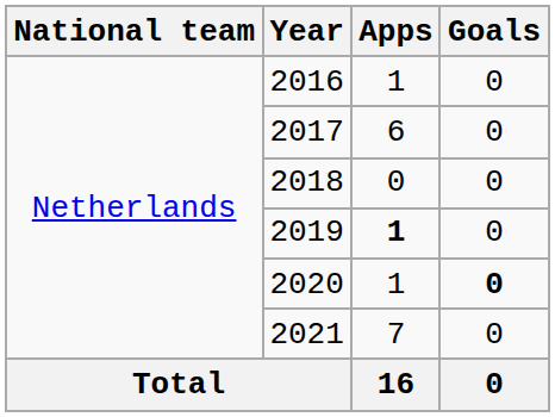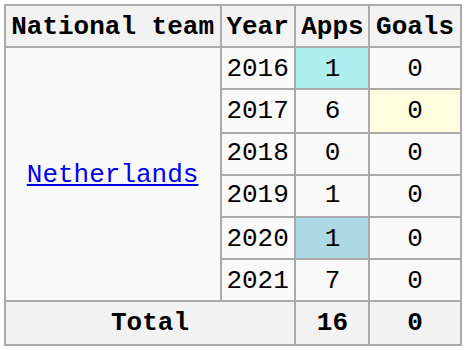 <table class="wikitable" style="text-align:center">
 <tr>
 <th>National team</th>
 <th>Year</th>
 <th>Apps</th>
 <th>Goals</th>
 </tr>
 <tr>
 <td rowspan="6"><a href='#'>Netherlands</a></td>
 <td>2016</td>
-<td>1</td>
+<td style="background: paleturquoise;">1</td>
 <td>0</td>
 </tr>
 <tr>
 <td>2017</td>
 <td>6</td>
-<td>0</td>
+<td style="background: lightyellow;">0</td>
 </tr>
 <tr>
 <td>2018</td>
 <td>0</td>
 <td>0</td>
 </tr>
 <tr>
 <td>2019</td>
-<td><strong>1</strong></td>
+<td>1</td>
 <td>0</td>
 </tr>
 <tr>
 <td>2020</td>
-<td>1</td>
-<td><strong>0</strong></td>
+<td style="background: lightblue;">1</td>
+<td>0</td>
 </tr>
 <tr>
 <td>2021</td>
 <td>7</td>
 <td>0</td>
 </tr>
 <tr>
 <th colspan="2">Total</th>
 <th>16</th>
 <th>0</th>
 </tr>
 </table>
